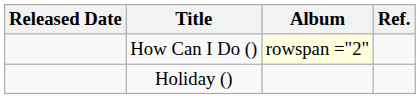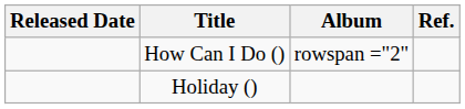 <table class="wikitable plainrowheaders sortable">
 <tr>
 <th scope="col">Released Date</th>
 <th scope="col">Title</th>
 <th scope="col">Album</th>
 <th class="unsortable">Ref.</th>
 </tr>
 <tr align=center>
 <td></td>
 <td>How Can I Do ()</td>
-<td style="background: lightyellow;">rowspan ="2" </td>
+<td>rowspan ="2" </td>
 <td></td>
 </tr>
 <tr align=center>
 <td></td>
 <td>Holiday ()</td>
 <td></td>
 </tr>
 </table>
